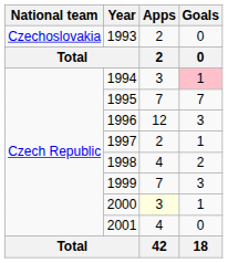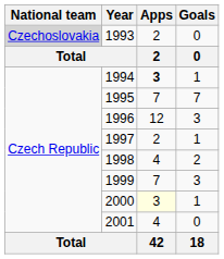 <table class="wikitable" style="text-align:center">
 <tr>
 <th>National team</th>
 <th>Year</th>
 <th>Apps</th>
 <th>Goals</th>
 </tr>
 <tr>
-<td><a href='#'>Czechoslovakia</a></td>
+<td style="background: lightgrey;"><a href='#'>Czechoslovakia</a></td>
 <td>1993</td>
 <td>2</td>
 <td>0</td>
 </tr>
 <tr>
 <th colspan="2">Total</th>
 <th>2</th>
 <th>0</th>
 </tr>
 <tr>
 <td rowspan="8"><a href='#'>Czech Republic</a></td>
 <td>1994</td>
-<td>3</td>
-<td style="background: pink;">1</td>
+<td><strong>3</strong></td>
+<td>1</td>
 </tr>
 <tr>
 <td>1995</td>
 <td>7</td>
 <td>7</td>
 </tr>
 <tr>
 <td>1996</td>
 <td>12</td>
 <td>3</td>
 </tr>
 <tr>
 <td>1997</td>
 <td>2</td>
 <td>1</td>
 </tr>
 <tr>
 <td>1998</td>
 <td>4</td>
 <td>2</td>
 </tr>
 <tr>
 <td>1999</td>
 <td>7</td>
 <td>3</td>
 </tr>
 <tr>
 <td>2000</td>
 <td style="background: lightyellow;">3</td>
 <td>1</td>
 </tr>
 <tr>
 <td>2001</td>
 <td>4</td>
 <td>0</td>
 </tr>
 <tr>
 <th colspan="2">Total</th>
 <th>42</th>
 <th>18</th>
 </tr>
 </table>
